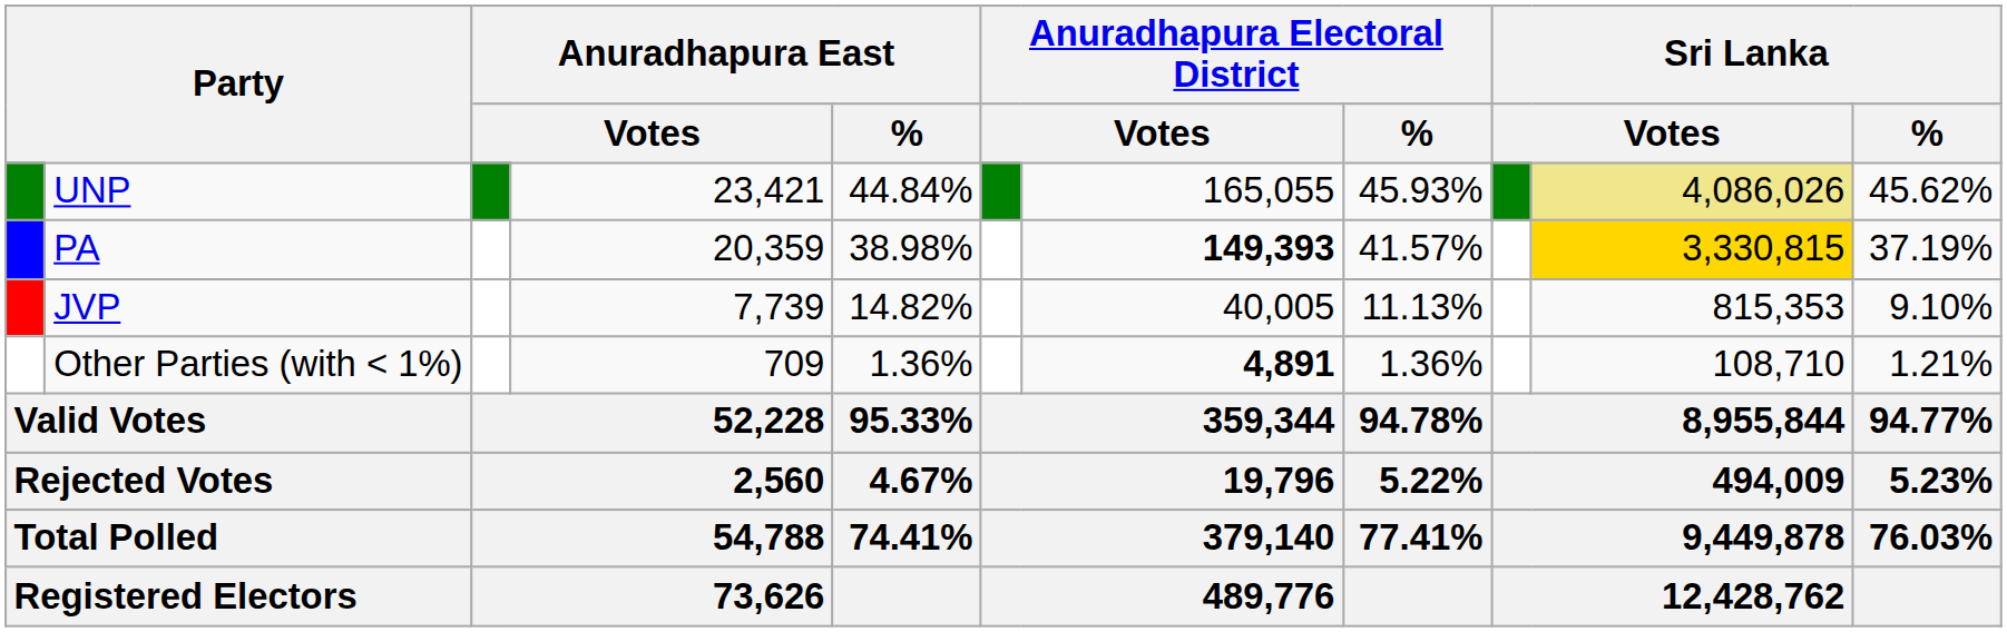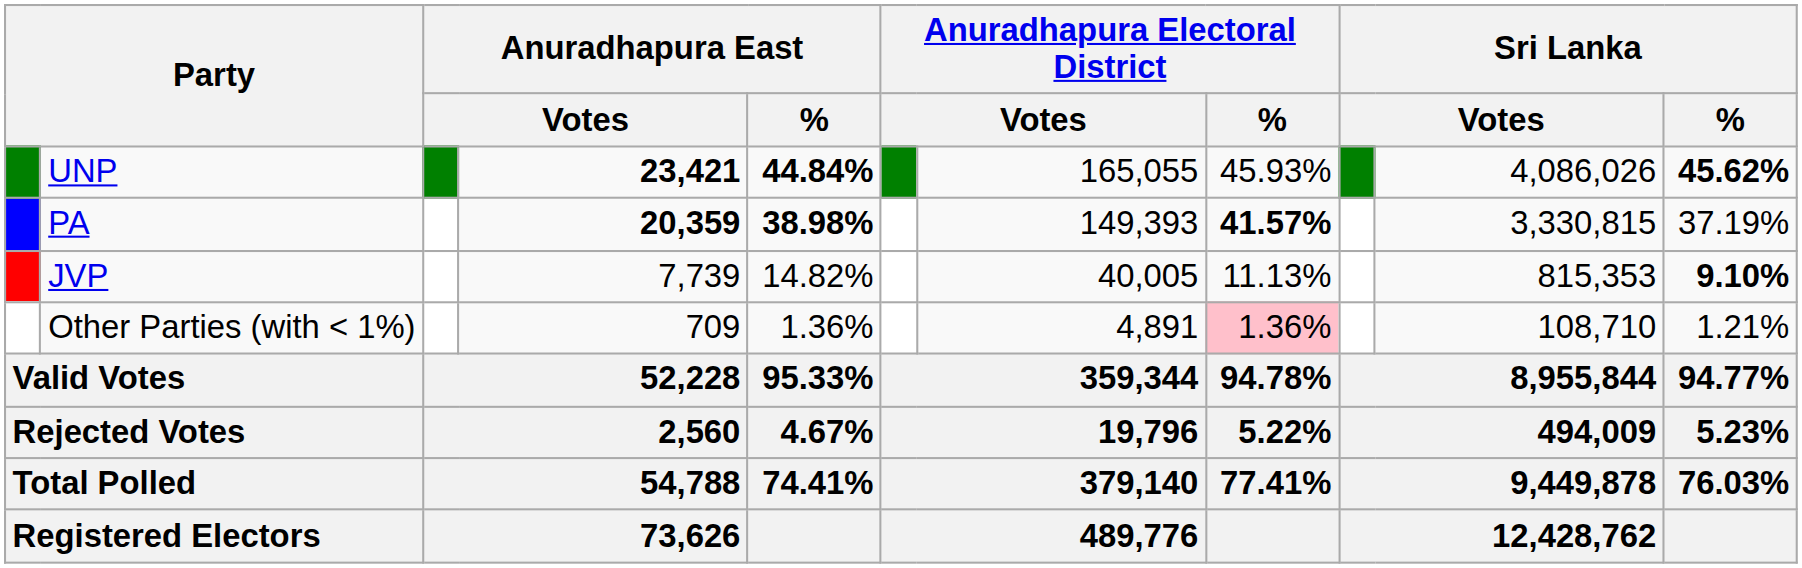 <table class="wikitable">
 <tr>
 <th colspan="2" width="144px"rowspan="2">Party</th>
 <th colspan="3" width="216px">Anuradhapura East</th>
 <th colspan="3" width="216px"><a href='#'>Anuradhapura Electoral District</a></th>
 <th colspan="3" width="216px">Sri Lanka</th>
 </tr>
 <tr>
 <th colspan="2" width="144px">Votes</th>
 <th>%</th>
 <th colspan="2" width="144px">Votes</th>
 <th>%</th>
 <th colspan="2" width="144px">Votes</th>
 <th>%</th>
 </tr>
 <tr>
 <td style="background-color:green;" width="10px"></td>
 <td style="text-align:left;"><a href='#'>UNP</a></td>
 <td style="background-color:green;" width="10px"></td>
-<td style="text-align:right;">23,421</td>
-<td style="text-align:right;">44.84%</td>
+<td style="text-align:right;"><strong>23,421</strong></td>
+<td style="text-align:right;"><strong>44.84%</strong></td>
 <td style="background-color:green;" width="10px"></td>
 <td style="text-align:right;">165,055</td>
 <td style="text-align:right;">45.93%</td>
 <td style="background-color:green;" width="10px"></td>
-<td style="background: khaki; text-align:right;">4,086,026</td>
-<td style="text-align:right;">45.62%</td>
+<td style="text-align:right;">4,086,026</td>
+<td style="text-align:right;"><strong>45.62%</strong></td>
 </tr>
 <tr>
 <td style="background-color:blue;" width="10px"></td>
 <td style="text-align:left;"><a href='#'>PA</a></td>
 <td style="background-color:white;" width="10px"></td>
-<td style="text-align:right;">20,359</td>
-<td style="text-align:right;">38.98%</td>
+<td style="text-align:right;"><strong>20,359</strong></td>
+<td style="text-align:right;"><strong>38.98%</strong></td>
 <td style="background-color:white;" width="10px"></td>
-<td style="text-align:right;"><strong>149,393</strong></td>
-<td style="text-align:right;">41.57%</td>
+<td style="text-align:right;">149,393</td>
+<td style="text-align:right;"><strong>41.57%</strong></td>
 <td style="background-color:white;" width="10px"></td>
-<td style="background: gold; text-align:right;">3,330,815</td>
+<td style="text-align:right;">3,330,815</td>
 <td style="text-align:right;">37.19%</td>
 </tr>
 <tr>
 <td style="background-color:red;" width="10px"></td>
 <td style="text-align:left;"><a href='#'>JVP</a></td>
 <td style="background-color:white;" width="10px"></td>
 <td style="text-align:right;">7,739</td>
 <td style="text-align:right;">14.82%</td>
 <td style="background-color:white;" width="10px"></td>
 <td style="text-align:right;">40,005</td>
 <td style="text-align:right;">11.13%</td>
 <td style="background-color:white;" width="10px"></td>
 <td style="text-align:right;">815,353</td>
-<td style="text-align:right;">9.10%</td>
+<td style="text-align:right;"><strong>9.10%</strong></td>
 </tr>
 <tr>
 <td style="background-color:white;" width="10px"></td>
 <td style="text-align:left;">Other Parties (with < 1%)</td>
 <td style="background-color:white;" width="10px"></td>
 <td style="text-align:right;">709</td>
 <td style="text-align:right;">1.36%</td>
 <td style="background-color:white;" width="10px"></td>
-<td style="text-align:right;"><strong>4,891</strong></td>
-<td style="text-align:right;">1.36%</td>
+<td style="text-align:right;">4,891</td>
+<td style="background: pink; text-align:right;">1.36%</td>
 <td style="background-color:white;" width="10px"></td>
 <td style="text-align:right;">108,710</td>
 <td style="text-align:right;">1.21%</td>
 </tr>
 <tr>
 <th colspan="2" width="144px"style="text-align:left;">Valid Votes</th>
 <th style="text-align:right;"colspan="2" width="144px">52,228</th>
 <th style="text-align:right;">95.33%</th>
 <th style="text-align:right;"colspan="2" width="144px">359,344</th>
 <th style="text-align:right;">94.78%</th>
 <th style="text-align:right;"colspan="2" width="144px">8,955,844</th>
 <th style="text-align:right;">94.77%</th>
 </tr>
 <tr>
 <th colspan="2" width="144px"style="text-align:left;">Rejected Votes</th>
 <th style="text-align:right;"colspan="2" width="144px">2,560</th>
 <th style="text-align:right;">4.67%</th>
 <th style="text-align:right;"colspan="2" width="144px">19,796</th>
 <th style="text-align:right;">5.22%</th>
 <th style="text-align:right;"colspan="2" width="144px">494,009</th>
 <th style="text-align:right;">5.23%</th>
 </tr>
 <tr>
 <th colspan="2" width="144px"style="text-align:left;">Total Polled</th>
 <th style="text-align:right;"colspan="2" width="144px">54,788</th>
 <th style="text-align:right;">74.41%</th>
 <th style="text-align:right;"colspan="2" width="144px">379,140</th>
 <th style="text-align:right;">77.41%</th>
 <th style="text-align:right;"colspan="2" width="144px">9,449,878</th>
 <th style="text-align:right;">76.03%</th>
 </tr>
 <tr>
 <th colspan="2" width="144px"style="text-align:left;">Registered Electors</th>
 <th style="text-align:right;"colspan="2" width="144px">73,626</th>
 <th></th>
 <th style="text-align:right;"colspan="2" width="144px">489,776</th>
 <th></th>
 <th style="text-align:right;"colspan="2" width="144px">12,428,762</th>
 <th></th>
 </tr>
 </table>
